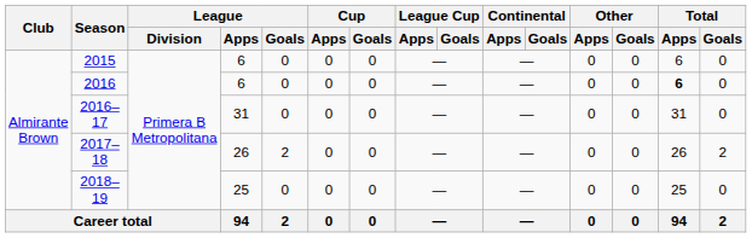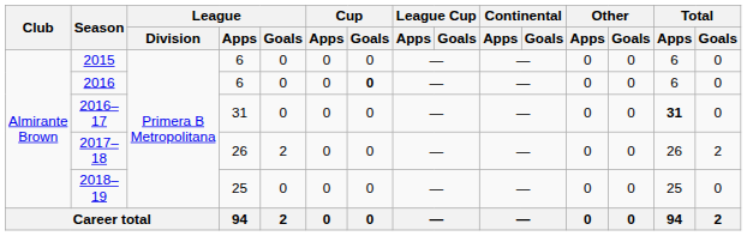 <table class="wikitable" style="text-align:center">
 <tr>
 <th rowspan="2">Club</th>
 <th rowspan="2">Season</th>
 <th colspan="3">League</th>
 <th colspan="2">Cup</th>
 <th colspan="2">League Cup</th>
 <th colspan="2">Continental</th>
 <th colspan="2">Other</th>
 <th colspan="2">Total</th>
 </tr>
 <tr>
 <th>Division</th>
 <th>Apps</th>
 <th>Goals</th>
 <th>Apps</th>
 <th>Goals</th>
 <th>Apps</th>
 <th>Goals</th>
 <th>Apps</th>
 <th>Goals</th>
 <th>Apps</th>
 <th>Goals</th>
 <th>Apps</th>
 <th>Goals</th>
 </tr>
 <tr>
 <td rowspan="5"><a href='#'>Almirante Brown</a></td>
 <td><a href='#'>2015</a></td>
 <td rowspan="5"><a href='#'>Primera B Metropolitana</a></td>
 <td>6</td>
 <td>0</td>
 <td>0</td>
 <td>0</td>
 <td colspan="2">—</td>
 <td colspan="2">—</td>
 <td>0</td>
 <td>0</td>
 <td>6</td>
 <td>0</td>
 </tr>
 <tr>
 <td><a href='#'>2016</a></td>
 <td>6</td>
 <td>0</td>
 <td>0</td>
-<td>0</td>
+<td><strong>0</strong></td>
 <td colspan="2">—</td>
 <td colspan="2">—</td>
 <td>0</td>
 <td>0</td>
-<td><strong>6</strong></td>
+<td>6</td>
 <td>0</td>
 </tr>
 <tr>
 <td><a href='#'>2016–17</a></td>
 <td>31</td>
 <td>0</td>
 <td>0</td>
 <td>0</td>
 <td colspan="2">—</td>
 <td colspan="2">—</td>
 <td>0</td>
 <td>0</td>
-<td>31</td>
+<td><strong>31</strong></td>
 <td>0</td>
 </tr>
 <tr>
 <td><a href='#'>2017–18</a></td>
 <td>26</td>
 <td>2</td>
 <td>0</td>
 <td>0</td>
 <td colspan="2">—</td>
 <td colspan="2">—</td>
 <td>0</td>
 <td>0</td>
 <td>26</td>
 <td>2</td>
 </tr>
 <tr>
 <td><a href='#'>2018–19</a></td>
 <td>25</td>
 <td>0</td>
 <td>0</td>
 <td>0</td>
 <td colspan="2">—</td>
 <td colspan="2">—</td>
 <td>0</td>
 <td>0</td>
 <td>25</td>
 <td>0</td>
 </tr>
 <tr>
 <th colspan="3">Career total</th>
 <th>94</th>
 <th>2</th>
 <th>0</th>
 <th>0</th>
 <th colspan="2">—</th>
 <th colspan="2">—</th>
 <th>0</th>
 <th>0</th>
 <th>94</th>
 <th>2</th>
 </tr>
 </table>
